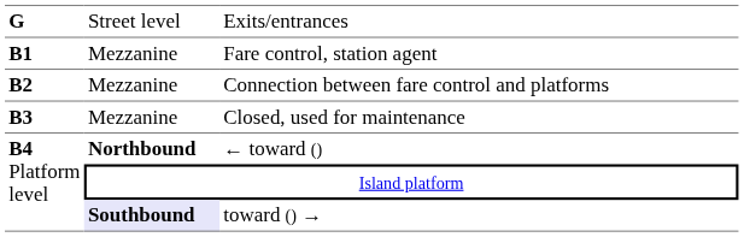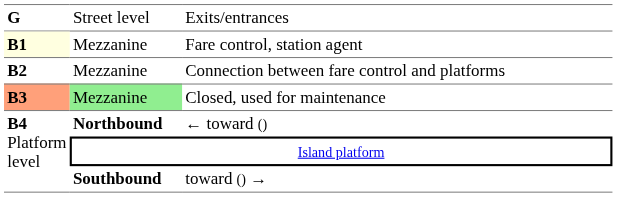 <table border=0 cellspacing=0 cellpadding=3>
 <tr>
 <td style="border-bottom:solid 1px gray;border-top:solid 1px gray;" width=50><strong>G</strong></td>
 <td style="border-top:solid 1px gray;border-bottom:solid 1px gray;" width=100>Street level</td>
 <td style="border-top:solid 1px gray;border-bottom:solid 1px gray;" width=400>Exits/entrances</td>
 </tr>
 <tr>
-<td style="border-bottom:solid 1px gray;"><strong>B1</strong></td>
+<td style="background: lightyellow; border-bottom:solid 1px gray;"><strong>B1</strong></td>
 <td style="border-bottom:solid 1px gray;">Mezzanine</td>
 <td style="border-bottom:solid 1px gray;">Fare control, station agent</td>
 </tr>
 <tr>
 <td><strong>B2</strong></td>
 <td>Mezzanine</td>
 <td>Connection between fare control and platforms</td>
 </tr>
 <tr>
-<td style="border-top:solid 1px gray;"><strong>B3</strong></td>
-<td style="border-top:solid 1px gray;">Mezzanine</td>
+<td style="background: lightsalmon; border-top:solid 1px gray;"><strong>B3</strong></td>
+<td style="background: lightgreen; border-top:solid 1px gray;">Mezzanine</td>
 <td style="border-top:solid 1px gray;">Closed, used for maintenance</td>
 </tr>
 <tr>
 <td style="border-top:solid 1px gray;border-bottom:solid 1px gray;vertical-align:top;" rowspan=3><strong>B4</strong><br>Platform level</td>
 <td style="border-bottom:solid 0px gray;border-top:solid 1px gray;"><span><strong>Northbound</strong></span></td>
 <td style="border-bottom:solid 0px gray;border-top:solid 1px gray;">←  toward  <small>()</small></td>
 </tr>
 <tr>
 <td style="border-top:solid 2px black;border-right:solid 2px black;border-left:solid 2px black;border-bottom:solid 2px black;text-align:center;" colspan=2><small><a href='#'>Island platform</a></small></td>
 </tr>
 <tr>
-<td style="background: lavender; border-bottom:solid 1px gray;"><span><strong>Southbound</strong></span></td>
+<td style="border-bottom:solid 1px gray;"><span><strong>Southbound</strong></span></td>
 <td style="border-bottom:solid 1px gray;">  toward  <small>()</small> →</td>
 </tr>
 </table>
